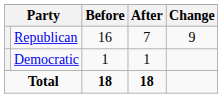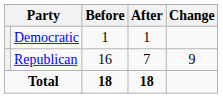 <table class="wikitable" style="text-align:center;">
 <tr>
 </tr>
 <tr>
 <th colspan=2>Party</th>
 <th>Before</th>
 <th>After</th>
 <th>Change</th>
 </tr>
 <tr>
 <th style="background-color:"></th>
+<td style="text-align:left;"><a href='#'>Democratic</a></td>
+<td>1</td>
+<td>1</td>
+<td></td>
+</tr>
+<tr>
+<th style="background-color:"></th>
 <td style="text-align:left;"><a href='#'>Republican</a></td>
 <td>16</td>
 <td>7</td>
 <td> 9</td>
-</tr>
-<tr>
-<th style="background-color:"></th>
-<td style="text-align:left;"><a href='#'>Democratic</a></td>
-<td>1</td>
-<td>1</td>
-<td></td>
 </tr>
 <tr>
 <td colspan=2><strong>Total</strong></td>
 <td><strong>18</strong></td>
 <td><strong>18</strong></td>
 </tr>
 </table>
